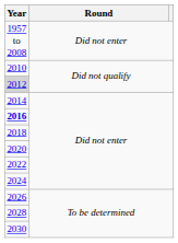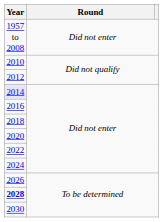 <table class="wikitable" style="text-align: center; font-size:90%">
 <tr>
 <th>Year</th>
 <th style="width:200px">Round</th>
 <th></th>
 </tr>
 <tr>
 <td><a href='#'>1957</a><br>to<br><a href='#'>2008</a></td>
 <td colspan="2"><em>Did not enter</em></td>
 </tr>
 <tr>
 <td><a href='#'>2010</a></td>
 <td colspan="2" rowspan="2"><em>Did not qualify</em></td>
 </tr>
 <tr>
-<td style="background: lightgrey;"><a href='#'>2012</a></td>
+<td><a href='#'>2012</a></td>
 </tr>
 <tr>
-<td><a href='#'>2014</a></td>
+<td style="background: lavender;"><a href='#'>2014</a></td>
 <td colspan="2" rowspan="6"><em>Did not enter</em></td>
 </tr>
 <tr>
-<td><strong><a href='#'>2016</a></strong></td>
+<td><a href='#'>2016</a></td>
 </tr>
 <tr>
 <td><a href='#'>2018</a></td>
 </tr>
 <tr>
 <td><a href='#'>2020</a></td>
 </tr>
 <tr>
 <td><a href='#'>2022</a></td>
 </tr>
 <tr>
 <td><a href='#'>2024</a></td>
 </tr>
 <tr>
 <td><a href='#'>2026</a></td>
 <td colspan="2" rowspan="3"><em>To be determined</em></td>
 </tr>
 <tr>
-<td><a href='#'>2028</a></td>
+<td><strong><a href='#'>2028</a></strong></td>
 </tr>
 <tr>
 <td><a href='#'>2030</a></td>
 </tr>
 </table>
